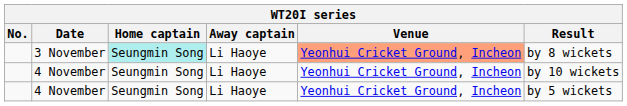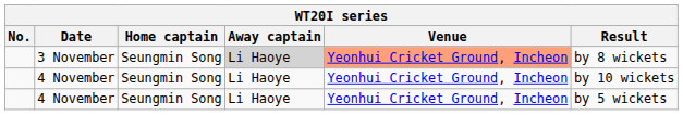 <table class="wikitable">
 <tr>
 <th colspan="8">WT20I series</th>
 </tr>
 <tr>
 <th>No.</th>
 <th>Date</th>
 <th>Home captain</th>
 <th>Away captain</th>
 <th>Venue</th>
 <th>Result</th>
 </tr>
 <tr>
 <td></td>
 <td>3 November</td>
-<td style="background: paleturquoise;">Seungmin Song</td>
-<td>Li Haoye</td>
+<td>Seungmin Song</td>
+<td style="background: lightgrey;">Li Haoye</td>
 <td style="background: lightsalmon;"><a href='#'>Yeonhui Cricket Ground</a>, <a href='#'>Incheon</a></td>
 <td> by 8 wickets</td>
 </tr>
 <tr>
 <td></td>
 <td>4 November</td>
 <td>Seungmin Song</td>
 <td>Li Haoye</td>
 <td><a href='#'>Yeonhui Cricket Ground</a>, <a href='#'>Incheon</a></td>
 <td> by 10 wickets</td>
 </tr>
 <tr>
 <td></td>
 <td>4 November</td>
 <td>Seungmin Song</td>
 <td>Li Haoye</td>
 <td><a href='#'>Yeonhui Cricket Ground</a>, <a href='#'>Incheon</a></td>
 <td> by 5 wickets</td>
 </tr>
 </table>
